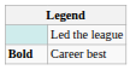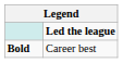 <table class="wikitable mw-collapsible mw-collapsed">
 <tr>
 <th colspan="2">Legend</th>
 </tr>
 <tr>
 <td style="background:#cfecec; width:3em;"></td>
-<td>Led the league</td>
+<td><strong>Led the league</strong></td>
 </tr>
 <tr>
 <td style="width:3em;"><strong>Bold</strong></td>
 <td>Career best</td>
 </tr>
 </table>
